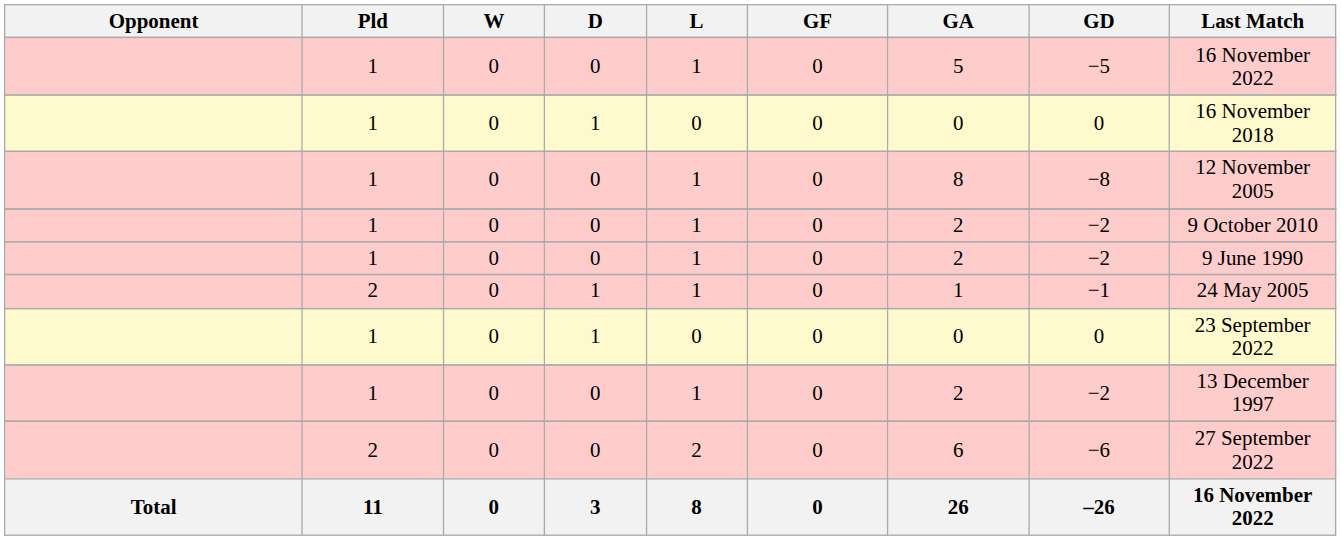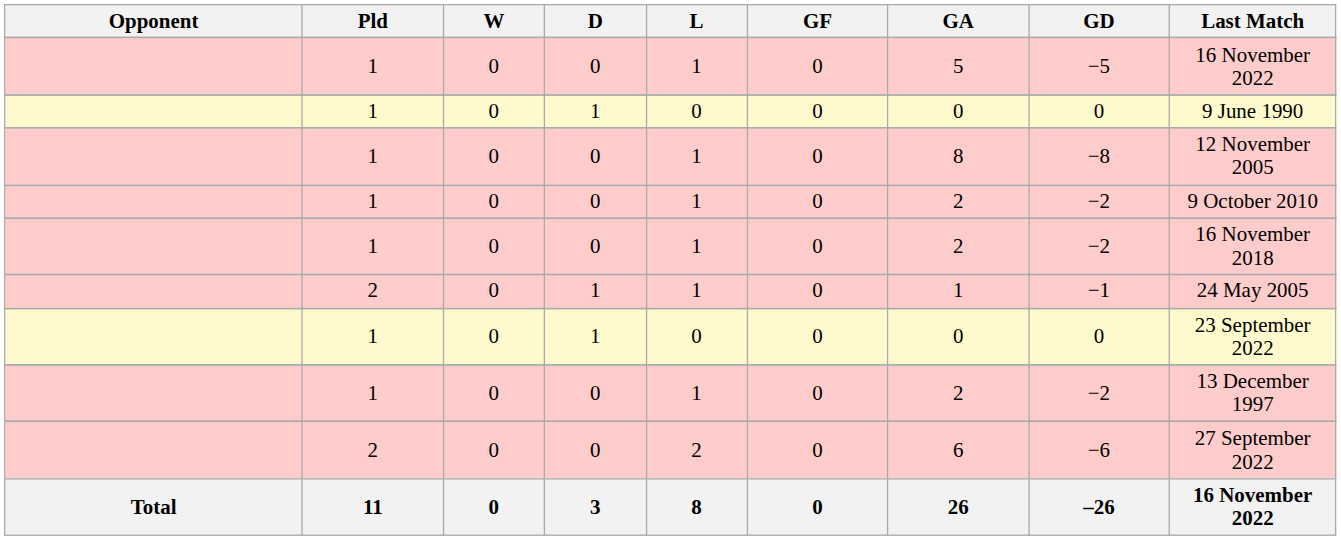 <table class="wikitable sortable" style="text-align: center">
 <tr>
 <th width=220>Opponent<br></th>
 <th width=100>Pld<br></th>
 <th width=70>W<br></th>
 <th width=70>D<br></th>
 <th width=70>L<br></th>
 <th width=100>GF<br></th>
 <th width=100>GA<br></th>
 <th width=100>GD<br></th>
 <th width=120>Last Match<br></th>
 </tr>
 <tr>
 </tr>
 <tr bgcolor="#FFCCCC">
 <td style="text-align:left;"></td>
 <td>1</td>
 <td>0</td>
 <td>0</td>
 <td>1</td>
 <td>0</td>
 <td>5</td>
 <td>−5</td>
 <td>16 November 2022</td>
 </tr>
 <tr>
 </tr>
 <tr bgcolor="#FFFACD">
 <td style="text-align:left;"></td>
 <td>1</td>
 <td>0</td>
 <td>1</td>
 <td>0</td>
 <td>0</td>
 <td>0</td>
 <td>0</td>
-<td>16 November 2018</td>
+<td>9 June 1990</td>
 </tr>
 <tr>
 </tr>
 <tr bgcolor="#FFCCCC">
 <td style="text-align:left;"></td>
 <td>1</td>
 <td>0</td>
 <td>0</td>
 <td>1</td>
 <td>0</td>
 <td>8</td>
 <td>−8</td>
 <td>12 November 2005</td>
 </tr>
 <tr>
 </tr>
 <tr bgcolor="#FFCCCC">
 <td style="text-align:left;"></td>
 <td>1</td>
 <td>0</td>
 <td>0</td>
 <td>1</td>
 <td>0</td>
 <td>2</td>
 <td>−2</td>
 <td>9 October 2010</td>
 </tr>
 <tr>
 </tr>
 <tr bgcolor="#FFCCCC">
 <td style="text-align:left;"></td>
 <td>1</td>
 <td>0</td>
 <td>0</td>
 <td>1</td>
 <td>0</td>
 <td>2</td>
 <td>−2</td>
-<td>9 June 1990</td>
+<td>16 November 2018</td>
 </tr>
 <tr>
 </tr>
 <tr bgcolor="#FFCCCC">
 <td style="text-align:left;"></td>
 <td>2</td>
 <td>0</td>
 <td>1</td>
 <td>1</td>
 <td>0</td>
 <td>1</td>
 <td>−1</td>
 <td>24 May 2005</td>
 </tr>
 <tr>
 </tr>
 <tr bgcolor="#FFFACD">
 <td style="text-align:left;"></td>
 <td>1</td>
 <td>0</td>
 <td>1</td>
 <td>0</td>
 <td>0</td>
 <td>0</td>
 <td>0</td>
 <td>23 September 2022</td>
 </tr>
 <tr>
 </tr>
 <tr bgcolor="#FFCCCC">
 <td style="text-align:left;"></td>
 <td>1</td>
 <td>0</td>
 <td>0</td>
 <td>1</td>
 <td>0</td>
 <td>2</td>
 <td>−2</td>
 <td>13 December 1997</td>
 </tr>
 <tr>
 </tr>
 <tr bgcolor="#FFCCCC">
 <td style="text-align:left;"></td>
 <td>2</td>
 <td>0</td>
 <td>0</td>
 <td>2</td>
 <td>0</td>
 <td>6</td>
 <td>−6</td>
 <td>27 September 2022</td>
 </tr>
 <tr class="sortbottom">
 <th>Total</th>
 <th>11</th>
 <th>0</th>
 <th>3</th>
 <th>8</th>
 <th>0</th>
 <th>26</th>
 <th>–26</th>
 <th>16 November 2022</th>
 </tr>
 </table>
